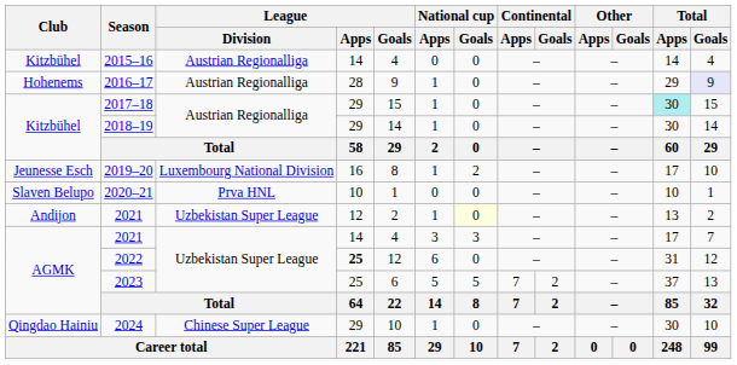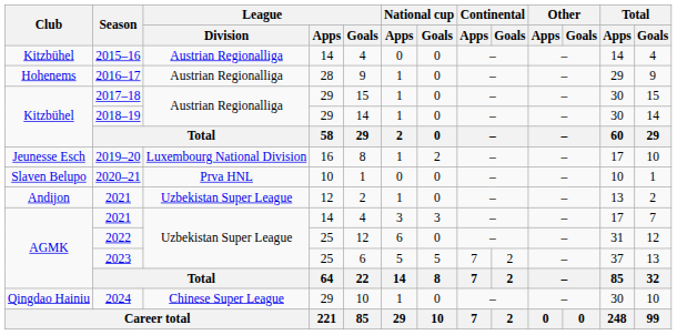 <table class="wikitable" style="text-align:center">
 <tr>
 <th rowspan="2">Club</th>
 <th rowspan="2">Season</th>
 <th colspan="3">League</th>
 <th colspan="2">National cup</th>
 <th colspan="2">Continental</th>
 <th colspan="2">Other</th>
 <th colspan="2">Total</th>
 </tr>
 <tr>
 <th>Division</th>
 <th>Apps</th>
 <th>Goals</th>
 <th>Apps</th>
 <th>Goals</th>
 <th>Apps</th>
 <th>Goals</th>
 <th>Apps</th>
 <th>Goals</th>
 <th>Apps</th>
 <th>Goals</th>
 </tr>
 <tr>
 <td><a href='#'>Kitzbühel</a></td>
 <td><a href='#'>2015–16</a></td>
 <td><a href='#'>Austrian Regionalliga</a></td>
 <td>14</td>
 <td>4</td>
 <td>0</td>
 <td>0</td>
 <td colspan="2">–</td>
 <td colspan="2">–</td>
 <td>14</td>
 <td>4</td>
 </tr>
 <tr>
 <td><a href='#'>Hohenems</a></td>
 <td><a href='#'>2016–17</a></td>
 <td>Austrian Regionalliga</td>
 <td>28</td>
 <td>9</td>
 <td>1</td>
 <td>0</td>
 <td colspan="2">–</td>
 <td colspan="2">–</td>
 <td>29</td>
-<td style="background: lavender;">9</td>
+<td>9</td>
 </tr>
 <tr>
 <td rowspan="3"><a href='#'>Kitzbühel</a></td>
 <td><a href='#'>2017–18</a></td>
 <td rowspan="2">Austrian Regionalliga</td>
 <td>29</td>
 <td>15</td>
 <td>1</td>
 <td>0</td>
 <td colspan="2">–</td>
 <td colspan="2">–</td>
-<td style="background: paleturquoise;">30</td>
+<td>30</td>
 <td>15</td>
 </tr>
 <tr>
 <td><a href='#'>2018–19</a></td>
 <td>29</td>
 <td>14</td>
 <td>1</td>
 <td>0</td>
 <td colspan="2">–</td>
 <td colspan="2">–</td>
 <td>30</td>
 <td>14</td>
 </tr>
 <tr>
 <th colspan="2">Total</th>
 <th>58</th>
 <th>29</th>
 <th>2</th>
 <th>0</th>
 <th colspan="2">–</th>
 <th colspan="2">–</th>
 <th>60</th>
 <th>29</th>
 </tr>
 <tr>
 <td><a href='#'>Jeunesse Esch</a></td>
 <td><a href='#'>2019–20</a></td>
 <td><a href='#'>Luxembourg National Division</a></td>
 <td>16</td>
 <td>8</td>
 <td>1</td>
 <td>2</td>
 <td colspan="2">–</td>
 <td colspan="2">–</td>
 <td>17</td>
 <td>10</td>
 </tr>
 <tr>
 <td><a href='#'>Slaven Belupo</a></td>
 <td><a href='#'>2020–21</a></td>
 <td><a href='#'>Prva HNL</a></td>
 <td>10</td>
 <td>1</td>
 <td>0</td>
 <td>0</td>
 <td colspan="2">–</td>
 <td colspan="2">–</td>
 <td>10</td>
 <td>1</td>
 </tr>
 <tr>
 <td><a href='#'>Andijon</a></td>
 <td><a href='#'>2021</a></td>
 <td><a href='#'>Uzbekistan Super League</a></td>
 <td>12</td>
 <td>2</td>
 <td>1</td>
-<td style="background: lightyellow;">0</td>
+<td>0</td>
 <td colspan="2">–</td>
 <td colspan="2">–</td>
 <td>13</td>
 <td>2</td>
 </tr>
 <tr>
 <td rowspan="4"><a href='#'>AGMK</a></td>
 <td><a href='#'>2021</a></td>
 <td rowspan="3">Uzbekistan Super League</td>
 <td>14</td>
 <td>4</td>
 <td>3</td>
 <td>3</td>
 <td colspan="2">–</td>
 <td colspan="2">–</td>
 <td>17</td>
 <td>7</td>
 </tr>
 <tr>
 <td><a href='#'>2022</a></td>
-<td><strong>25</strong></td>
+<td>25</td>
 <td>12</td>
 <td>6</td>
 <td>0</td>
 <td colspan="2">–</td>
 <td colspan="2">–</td>
 <td>31</td>
 <td>12</td>
 </tr>
 <tr>
 <td><a href='#'>2023</a></td>
 <td>25</td>
 <td>6</td>
 <td>5</td>
 <td>5</td>
 <td>7</td>
 <td>2</td>
 <td colspan="2">–</td>
 <td>37</td>
 <td>13</td>
 </tr>
 <tr>
 <th colspan="2">Total</th>
 <th>64</th>
 <th>22</th>
 <th>14</th>
 <th>8</th>
 <th>7</th>
 <th>2</th>
 <th colspan="2">–</th>
 <th>85</th>
 <th>32</th>
 </tr>
 <tr>
 <td><a href='#'>Qingdao Hainiu</a></td>
 <td><a href='#'>2024</a></td>
 <td><a href='#'>Chinese Super League</a></td>
 <td>29</td>
 <td>10</td>
 <td>1</td>
 <td>0</td>
 <td colspan="2">–</td>
 <td colspan="2">–</td>
 <td>30</td>
 <td>10</td>
 </tr>
 <tr>
 <th colspan="3">Career total</th>
 <th>221</th>
 <th>85</th>
 <th>29</th>
 <th>10</th>
 <th>7</th>
 <th>2</th>
 <th>0</th>
 <th>0</th>
 <th>248</th>
 <th>99</th>
 </tr>
 </table>
